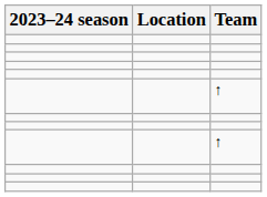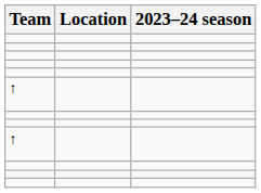 <table class="wikitable" style="font-size:85%;">
 <tr>
+<th>Team</th>
+<th>Location</th>
 <th>2023–24 season</th>
-<th>Location</th>
-<th>Team</th>
 </tr>
 <tr>
 <td></td>
 <td></td>
 <td></td>
 </tr>
 <tr>
 <td></td>
 <td></td>
 <td></td>
 </tr>
 <tr>
 <td></td>
 <td></td>
 <td></td>
 </tr>
 <tr>
 <td></td>
 <td></td>
 <td></td>
 </tr>
 <tr>
 <td></td>
 <td></td>
 <td></td>
 </tr>
 <tr>
+<td><sup>↑</sup></td>
 <td></td>
 <td></td>
-<td><sup>↑</sup></td>
 </tr>
 <tr>
 <td></td>
 <td></td>
 <td></td>
 </tr>
 <tr>
 <td></td>
 <td></td>
 <td></td>
 </tr>
 <tr>
+<td><sup>↑</sup></td>
 <td></td>
 <td></td>
-<td><sup>↑</sup></td>
 </tr>
 <tr>
 <td></td>
 <td></td>
 <td></td>
 </tr>
 <tr>
 <td></td>
 <td></td>
 <td></td>
 </tr>
 <tr>
 <td></td>
 <td></td>
 <td></td>
 </tr>
 </table>
